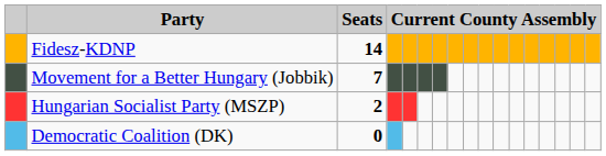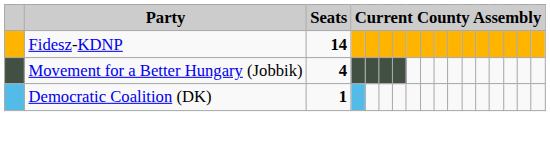 <table class="wikitable">
 <tr>
 <th style="background:#ccc">   </th>
 <th style="background:#ccc">Party</th>
 <th style="background:#ccc">Seats</th>
 <th style="background:#ccc" colspan="14">Current County Assembly</th>
 </tr>
 <tr>
 <td style="background-color: #FFB400"> </td>
 <td><a href='#'>Fidesz</a>-<a href='#'>KDNP</a></td>
 <td style="text-align: right"><strong>14</strong></td>
 <td style="background-color: #FFB400"> </td>
 <td style="background-color: #FFB400"> </td>
 <td style="background-color: #FFB400"> </td>
 <td style="background-color: #FFB400"> </td>
 <td style="background-color: #FFB400"> </td>
 <td style="background-color: #FFB400"> </td>
 <td style="background-color: #FFB400"> </td>
 <td style="background-color: #FFB400"> </td>
 <td style="background-color: #FFB400"> </td>
 <td style="background-color: #FFB400"> </td>
 <td style="background-color: #FFB400"> </td>
 <td style="background-color: #FFB400"> </td>
 <td style="background-color: #FFB400"> </td>
 <td style="background-color: #FFB400"> </td>
 </tr>
 <tr>
 <td style="background-color: #425044"> </td>
 <td><a href='#'>Movement for a Better Hungary</a> (Jobbik)</td>
-<td style="text-align: right"><strong>7</strong></td>
+<td style="text-align: right"><strong>4</strong></td>
 <td style="background-color: #425044"> </td>
 <td style="background-color: #425044"> </td>
 <td style="background-color: #425044"> </td>
 <td style="background-color: #425044"> </td>
 <td> </td>
 <td> </td>
 <td> </td>
 <td> </td>
 <td> </td>
 <td> </td>
 <td> </td>
 <td> </td>
 <td> </td>
 <td> </td>
 </tr>
 <tr>
-<td style="background-color: #FF3333"> </td>
-<td><a href='#'>Hungarian Socialist Party</a> (MSZP)</td>
-<td style="text-align: right"><strong>2</strong></td>
-<td style="background-color: #FF3333"> </td>
-<td style="background-color: #FF3333"> </td>
-<td> </td>
-<td> </td>
-<td> </td>
-<td> </td>
-<td> </td>
-<td> </td>
-<td> </td>
-<td> </td>
-<td> </td>
-<td> </td>
-<td> </td>
-<td> </td>
-</tr>
-<tr>
 <td style="background-color: #52BBE8"> </td>
 <td><a href='#'>Democratic Coalition</a> (DK)</td>
-<td style="text-align: right"><strong>0</strong></td>
+<td style="text-align: right"><strong>1</strong></td>
 <td style="background-color: #52BBE8"> </td>
 <td> </td>
 <td> </td>
 <td> </td>
 <td> </td>
 <td> </td>
 <td> </td>
 <td> </td>
 <td> </td>
 <td> </td>
 <td> </td>
 <td> </td>
 <td> </td>
 <td> </td>
 </tr>
 </table>
